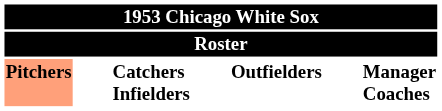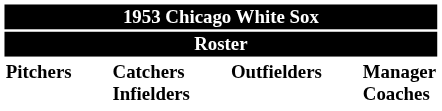 <table class="toccolours" style="font-size: 95%;">
 <tr>
 <th colspan="10" style="background-color: black; color: white; text-align: center;">1953 Chicago White Sox</th>
 </tr>
 <tr>
 <td colspan="10" style="background-color: black; color: white; text-align: center;"><strong>Roster</strong></td>
 </tr>
 <tr>
-<td valign="top" style="background: lightsalmon;"><strong>Pitchers</strong><br>              </td>
+<td valign="top"><strong>Pitchers</strong><br>              </td>
 <td width="25px"></td>
 <td valign="top"><strong>Catchers</strong><br>   <strong>Infielders</strong>            </td>
 <td width="25px"></td>
 <td valign="top"><strong>Outfielders</strong><br>     </td>
 <td width="25px"></td>
 <td valign="top"><strong>Manager</strong><br> <strong>Coaches</strong>   </td>
 </tr>
 </table>
